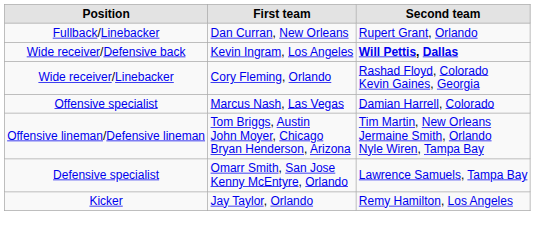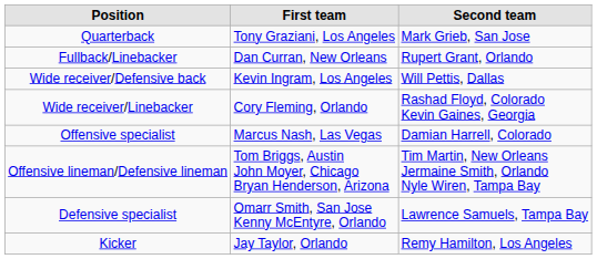 <table class="wikitable">
 <tr>
 <th style="background:#e3e3e3;">Position</th>
 <th style="background:#e3e3e3;">First team</th>
 <th style="background:#e3e3e3;">Second team</th>
+</tr>
+<tr>
+<td align=center><a href='#'>Quarterback</a></td>
+<td><a href='#'>Tony Graziani</a>, <a href='#'>Los Angeles</a></td>
+<td><a href='#'>Mark Grieb</a>, <a href='#'>San Jose</a></td>
 </tr>
 <tr>
 <td align=center><a href='#'>Fullback</a>/<a href='#'>Linebacker</a></td>
 <td><a href='#'>Dan Curran</a>, <a href='#'>New Orleans</a></td>
 <td><a href='#'>Rupert Grant</a>, <a href='#'>Orlando</a></td>
 </tr>
 <tr>
 <td align=center><a href='#'>Wide receiver</a>/<a href='#'>Defensive back</a></td>
 <td><a href='#'>Kevin Ingram</a>, <a href='#'>Los Angeles</a></td>
-<td><strong><a href='#'>Will Pettis</a>, <a href='#'>Dallas</a></strong></td>
+<td><a href='#'>Will Pettis</a>, <a href='#'>Dallas</a></td>
 </tr>
 <tr>
 <td align=center><a href='#'>Wide receiver</a>/<a href='#'>Linebacker</a></td>
 <td><a href='#'>Cory Fleming</a>, <a href='#'>Orlando</a></td>
 <td><a href='#'>Rashad Floyd</a>, <a href='#'>Colorado</a><br><a href='#'>Kevin Gaines</a>, <a href='#'>Georgia</a></td>
 </tr>
 <tr>
 <td align=center><a href='#'>Offensive specialist</a></td>
 <td><a href='#'>Marcus Nash</a>, <a href='#'>Las Vegas</a></td>
 <td><a href='#'>Damian Harrell</a>, <a href='#'>Colorado</a></td>
 </tr>
 <tr>
 <td align=center><a href='#'>Offensive lineman</a>/<a href='#'>Defensive lineman</a></td>
 <td><a href='#'>Tom Briggs</a>, <a href='#'>Austin</a><br><a href='#'>John Moyer</a>, <a href='#'>Chicago</a><br><a href='#'>Bryan Henderson</a>, <a href='#'>Arizona</a></td>
 <td><a href='#'>Tim Martin</a>, <a href='#'>New Orleans</a><br><a href='#'>Jermaine Smith</a>, <a href='#'>Orlando</a><br><a href='#'>Nyle Wiren</a>, <a href='#'>Tampa Bay</a></td>
 </tr>
 <tr>
 <td align=center><a href='#'>Defensive specialist</a></td>
 <td><a href='#'>Omarr Smith</a>, <a href='#'>San Jose</a><br><a href='#'>Kenny McEntyre</a>, <a href='#'>Orlando</a></td>
 <td><a href='#'>Lawrence Samuels</a>, <a href='#'>Tampa Bay</a></td>
 </tr>
 <tr>
 <td align=center><a href='#'>Kicker</a></td>
 <td><a href='#'>Jay Taylor</a>, <a href='#'>Orlando</a></td>
 <td><a href='#'>Remy Hamilton</a>, <a href='#'>Los Angeles</a></td>
 </tr>
 </table>
